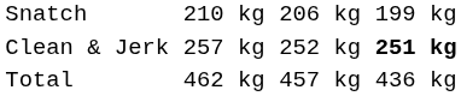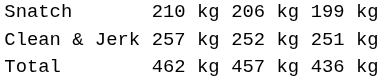 <table>
 <tr>
 <td>Snatch</td>
 <td></td>
 <td>210 kg</td>
 <td></td>
 <td>206 kg</td>
 <td></td>
 <td>199 kg</td>
 </tr>
 <tr>
 <td>Clean & Jerk</td>
 <td></td>
 <td>257 kg</td>
 <td></td>
 <td>252 kg</td>
 <td></td>
-<td><strong>251 kg</strong></td>
+<td>251 kg</td>
 </tr>
 <tr>
 <td>Total</td>
 <td></td>
 <td>462 kg</td>
 <td></td>
 <td>457 kg</td>
 <td></td>
 <td>436 kg</td>
 </tr>
 </table>
